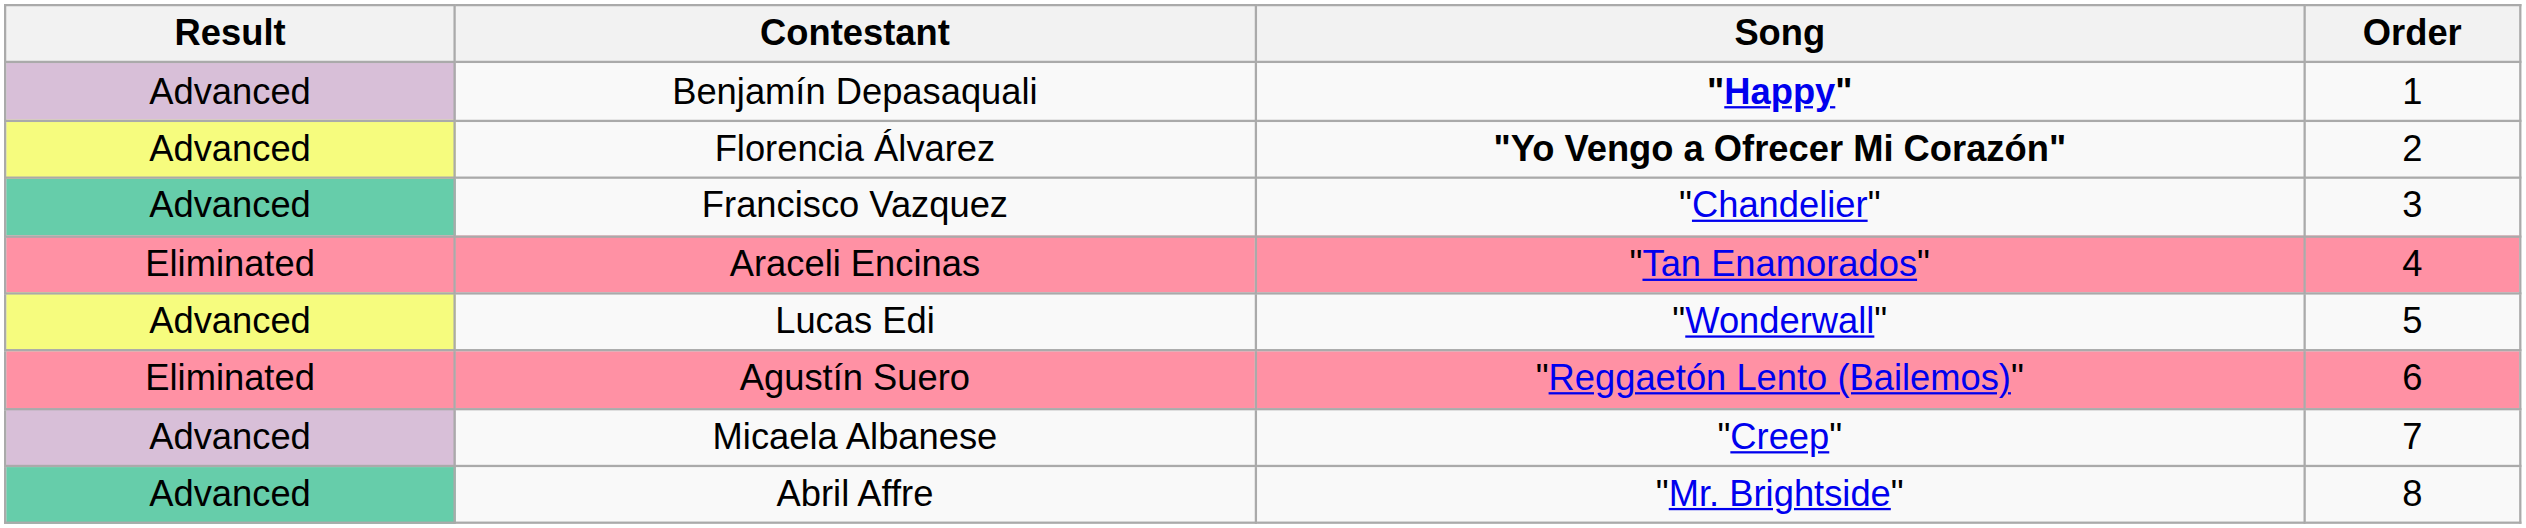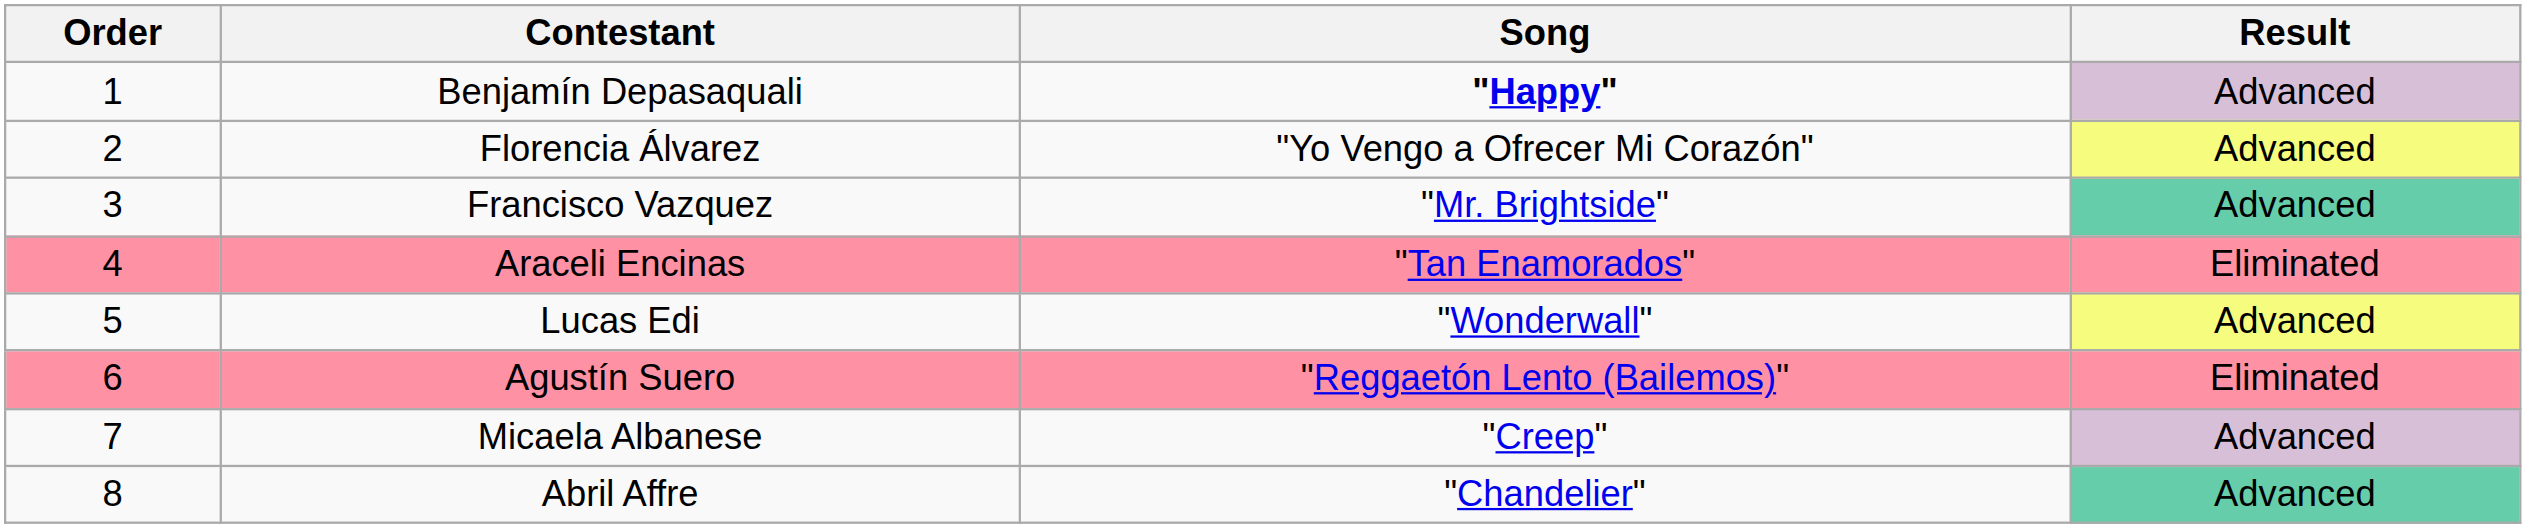 <table class="wikitable" style="text-align:center; width:70%;">
 <tr>
-<th scope="col" style="width:9%;">Result</th>
+<th scope="col" style="width:4%;">Order</th>
 <th scope="col" style="width:16%;">Contestant</th>
 <th scope="col" style="width:21%;">Song</th>
-<th scope="col" style="width:4%;">Order</th>
+<th scope="col" style="width:9%;">Result</th>
 </tr>
 <tr>
-<td style="background:#D8BFD8;">Advanced</td>
+<td>1</td>
 <td>Benjamín Depasaquali</td>
 <td><strong>"<a href='#'>Happy</a>"</strong></td>
-<td>1</td>
+<td style="background:#D8BFD8;">Advanced</td>
 </tr>
 <tr>
+<td>2</td>
+<td>Florencia Álvarez</td>
+<td>"Yo Vengo a Ofrecer Mi Corazón"</td>
 <td style="background:#f6fc7e;">Advanced</td>
-<td>Florencia Álvarez</td>
-<td><strong>"Yo Vengo a Ofrecer Mi Corazón"</strong></td>
-<td>2</td>
 </tr>
 <tr>
+<td>3</td>
+<td>Francisco Vazquez</td>
+<td>"<a href='#'>Mr. Brightside</a>"</td>
 <td style="background:#66cdaa;">Advanced</td>
-<td>Francisco Vazquez</td>
-<td>"<a href='#'>Chandelier</a>"</td>
-<td>3</td>
 </tr>
 <tr style="background:#FF91A4">
-<td>Eliminated</td>
+<td>4</td>
 <td>Araceli Encinas</td>
 <td>"<a href='#'>Tan Enamorados</a>"</td>
-<td>4</td>
+<td>Eliminated</td>
 </tr>
 <tr>
-<td style="background:#f6fc7e;">Advanced</td>
+<td>5</td>
 <td>Lucas Edi</td>
 <td>"<a href='#'>Wonderwall</a>"</td>
-<td>5</td>
+<td style="background:#f6fc7e;">Advanced</td>
 </tr>
 <tr style="background:#FF91A4">
-<td>Eliminated</td>
+<td>6</td>
 <td>Agustín Suero</td>
 <td>"<a href='#'>Reggaetón Lento (Bailemos)</a>"</td>
-<td>6</td>
+<td>Eliminated</td>
 </tr>
 <tr>
-<td style="background:#D8BFD8;">Advanced</td>
+<td>7</td>
 <td>Micaela Albanese</td>
 <td>"<a href='#'>Creep</a>"</td>
-<td>7</td>
+<td style="background:#D8BFD8;">Advanced</td>
 </tr>
 <tr>
+<td>8</td>
+<td>Abril Affre</td>
+<td>"<a href='#'>Chandelier</a>"</td>
 <td style="background:#66cdaa;">Advanced</td>
-<td>Abril Affre</td>
-<td>"<a href='#'>Mr. Brightside</a>"</td>
-<td>8</td>
 </tr>
 </table>
